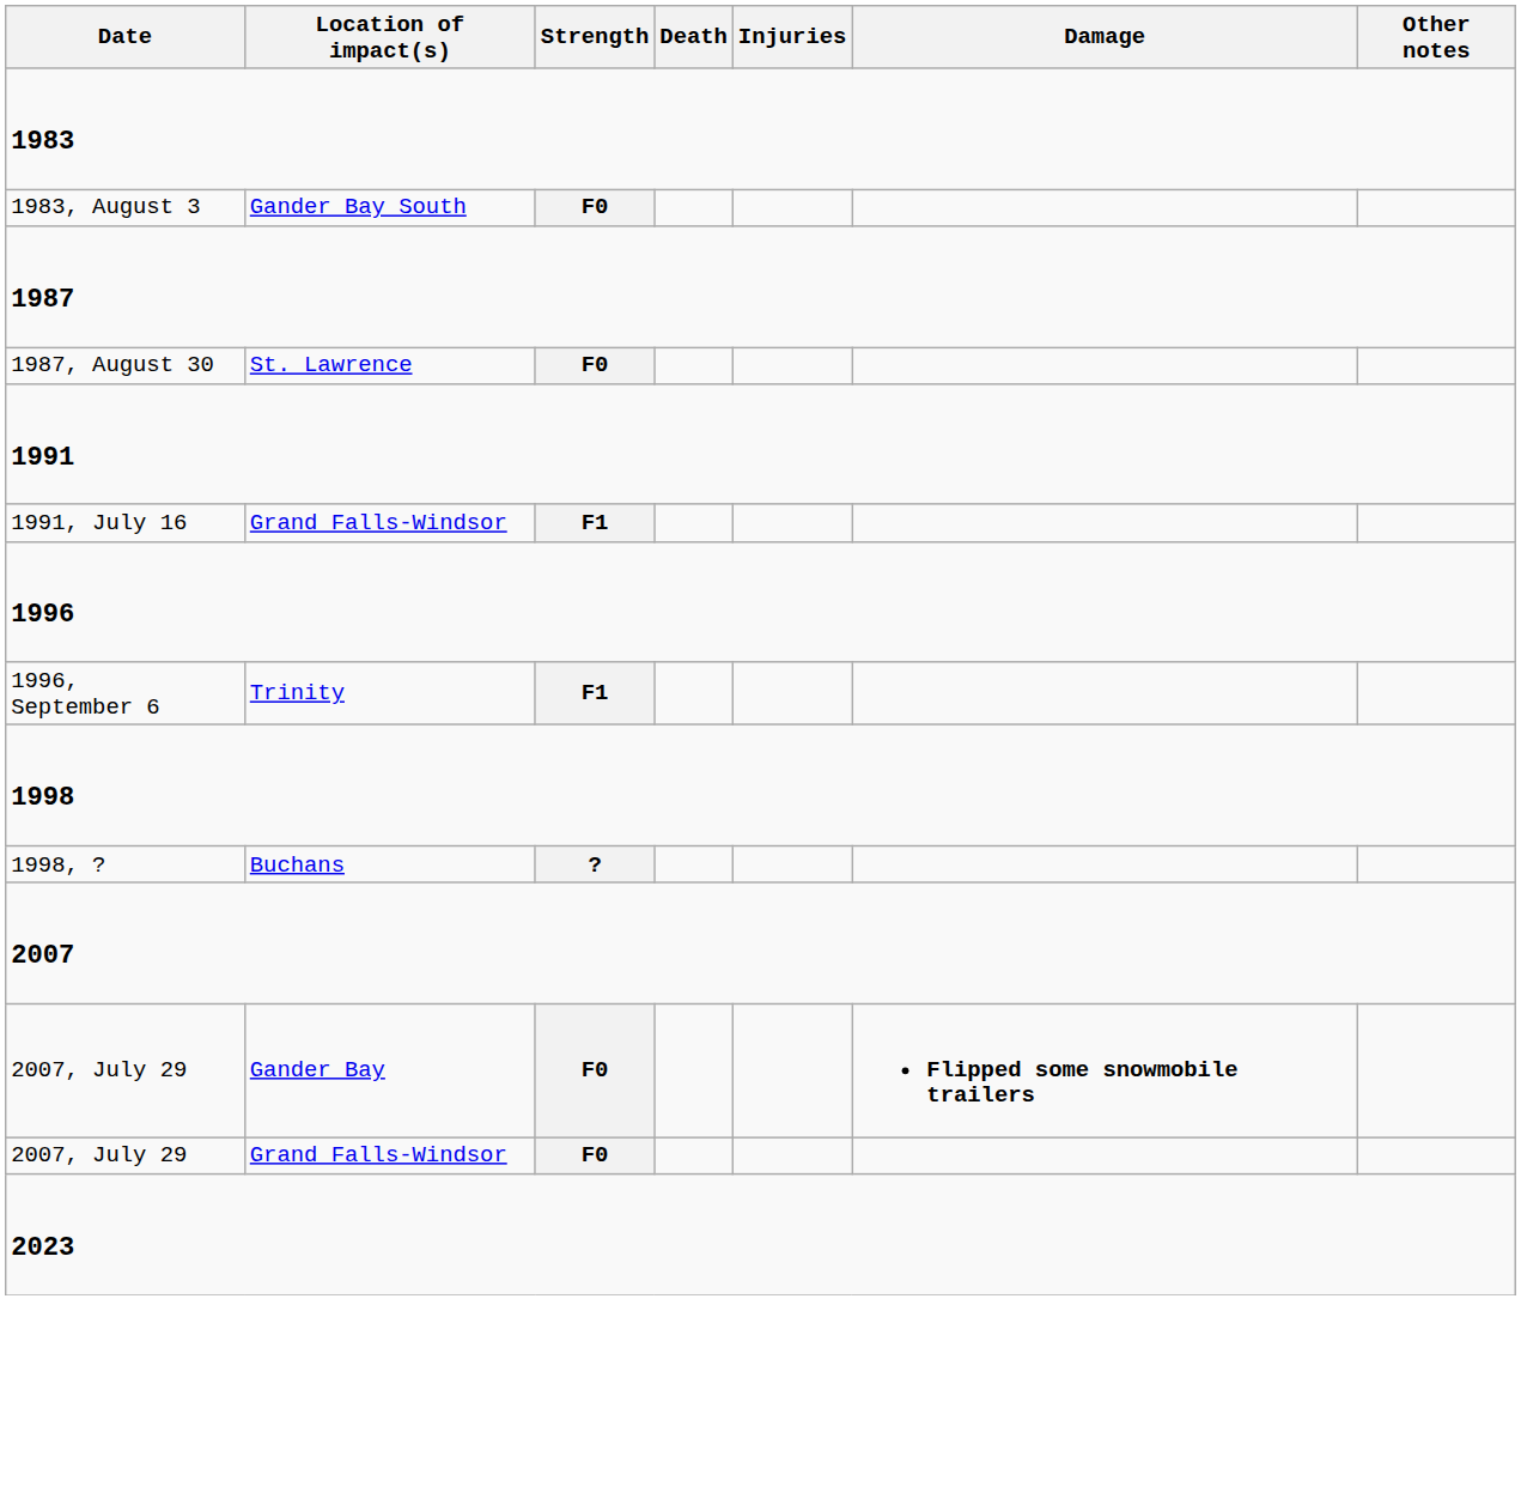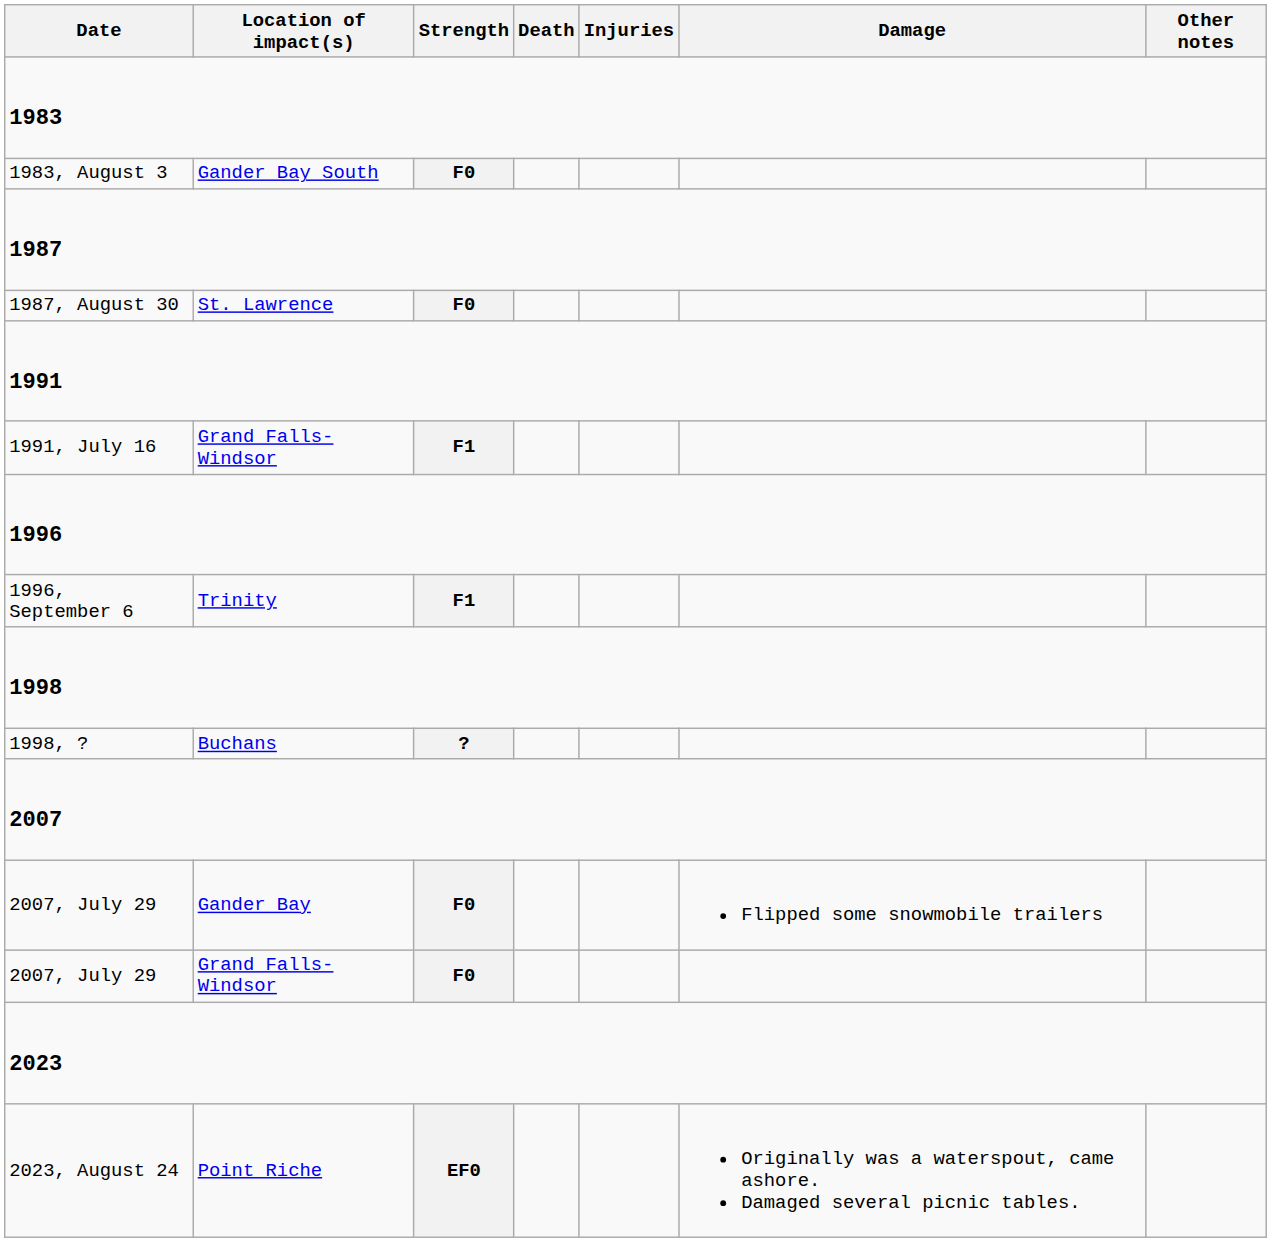 <table class="wikitable mw-collapsible">
 <tr>
 <th>Date</th>
 <th>Location of impact(s)</th>
 <th>Strength</th>
 <th>Death</th>
 <th>Injuries</th>
 <th>Damage</th>
 <th>Other notes</th>
 </tr>
 <tr>
 <td colspan="7"><br><h3>1983</h3></td>
 </tr>
 <tr>
 <td>1983, August 3</td>
 <td><a href='#'>Gander Bay South</a></td>
 <th style="background-color:#">F0</th>
 <td></td>
 <td></td>
 <td></td>
 <td></td>
 </tr>
 <tr>
 <td colspan="7"><br><h3>1987</h3></td>
 </tr>
 <tr>
 <td>1987, August 30</td>
 <td><a href='#'>St. Lawrence</a></td>
 <th style="background-color:#">F0</th>
 <td></td>
 <td></td>
 <td></td>
 <td></td>
 </tr>
 <tr>
 <td colspan="7"><br><h3>1991</h3></td>
 </tr>
 <tr>
 <td>1991, July 16</td>
 <td><a href='#'>Grand Falls-Windsor</a></td>
 <th style="background-color:#">F1</th>
 <td></td>
 <td></td>
 <td></td>
 <td></td>
 </tr>
 <tr>
 <td colspan="7"><br><h3>1996</h3></td>
 </tr>
 <tr>
 <td>1996, September 6</td>
 <td><a href='#'>Trinity</a></td>
 <th style="background-color:#">F1</th>
 <td></td>
 <td></td>
 <td></td>
 <td></td>
 </tr>
 <tr>
 <td colspan="7"><br><h3>1998</h3></td>
 </tr>
 <tr>
 <td>1998, ?</td>
 <td><a href='#'>Buchans</a></td>
 <th>?</th>
 <td></td>
 <td></td>
 <td></td>
 <td></td>
 </tr>
 <tr>
 <td colspan="7"><br><h3>2007</h3></td>
 </tr>
 <tr>
 <td>2007, July 29</td>
 <td><a href='#'>Gander Bay</a></td>
 <th style="background-color:#">F0</th>
 <td></td>
 <td></td>
-<td><strong><br><ul><li>Flipped some snowmobile trailers</li></ul></strong></td>
+<td><br><ul><li>Flipped some snowmobile trailers</li></ul></td>
 <td></td>
 </tr>
 <tr>
 <td>2007, July 29</td>
 <td><a href='#'>Grand Falls-Windsor</a></td>
 <th style="background-color:#">F0</th>
 <td></td>
 <td></td>
 <td></td>
 <td></td>
 </tr>
 <tr>
 <td colspan="7"><br><h3>2023</h3></td>
 </tr>
+<tr>
+<td>2023, August 24</td>
+<td><a href='#'>Point Riche</a></td>
+<th style="background-color:#">EF0</th>
+<td></td>
+<td></td>
+<td><br><ul><li>Originally was a waterspout, came ashore.</li><li>Damaged several picnic tables.</li></ul></td>
+<td></td>
+</tr>
 </table>
